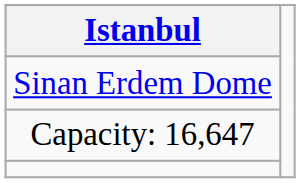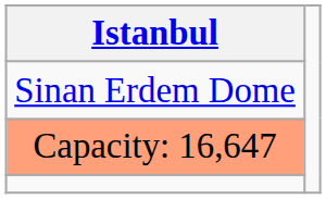 <table class="wikitable" style="text-align:center;margin:1em auto;">
 <tr>
 <th><a href='#'>Istanbul</a></th>
 <td rowspan=4></td>
 </tr>
 <tr>
 <td><a href='#'>Sinan Erdem Dome</a></td>
 </tr>
 <tr>
-<td>Capacity: 16,647</td>
+<td style="background: lightsalmon;">Capacity: 16,647</td>
 </tr>
 <tr>
 <td></td>
 </tr>
 </table>
